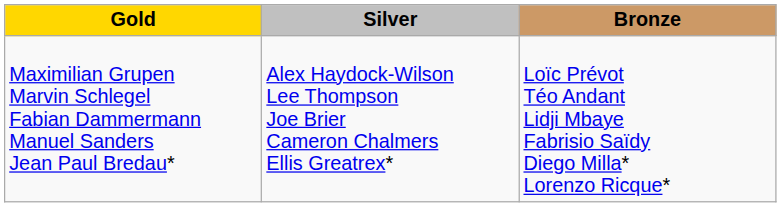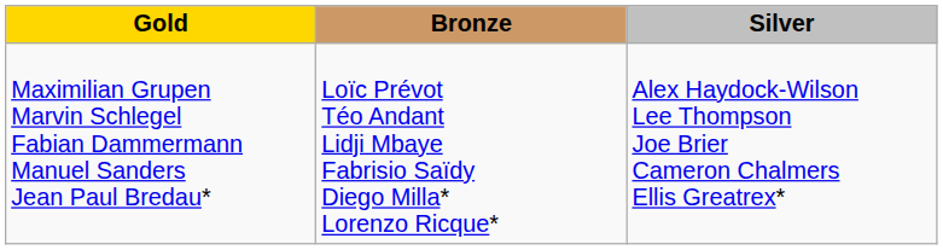 <table class="wikitable" style="text-align:left">
 <tr align="center">
 <td width=200 bgcolor=gold><strong>Gold</strong></td>
+<td width=200 bgcolor=CC9966><strong>Bronze</strong></td>
 <td width=200 bgcolor=silver><strong>Silver</strong></td>
-<td width=200 bgcolor=CC9966><strong>Bronze</strong></td>
 </tr>
 <tr>
 <td valign=top><em></em><br><a href='#'>Maximilian Grupen</a><br><a href='#'>Marvin Schlegel</a><br><a href='#'>Fabian Dammermann</a><br><a href='#'>Manuel Sanders</a><br><a href='#'>Jean Paul Bredau</a>*</td>
+<td valign=top><em></em><br><a href='#'>Loïc Prévot</a><br><a href='#'>Téo Andant</a><br><a href='#'>Lidji Mbaye</a><br><a href='#'>Fabrisio Saïdy</a><br><a href='#'>Diego Milla</a>*<br><a href='#'>Lorenzo Ricque</a>*</td>
 <td valign=top><em></em><br><a href='#'>Alex Haydock-Wilson</a><br><a href='#'>Lee Thompson</a><br><a href='#'>Joe Brier</a><br><a href='#'>Cameron Chalmers</a><br><a href='#'>Ellis Greatrex</a>*</td>
-<td valign=top><em></em><br><a href='#'>Loïc Prévot</a><br><a href='#'>Téo Andant</a><br><a href='#'>Lidji Mbaye</a><br><a href='#'>Fabrisio Saïdy</a><br><a href='#'>Diego Milla</a>*<br><a href='#'>Lorenzo Ricque</a>*</td>
 </tr>
 </table>
